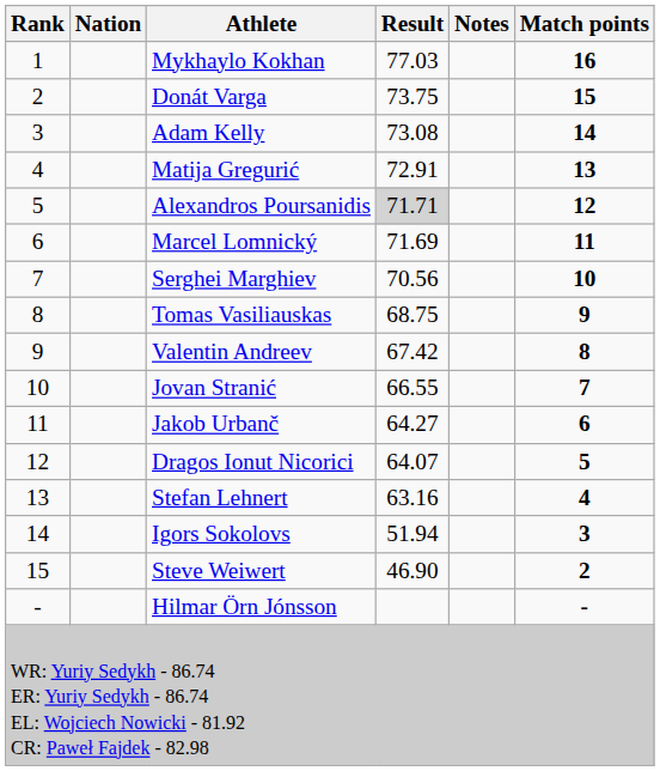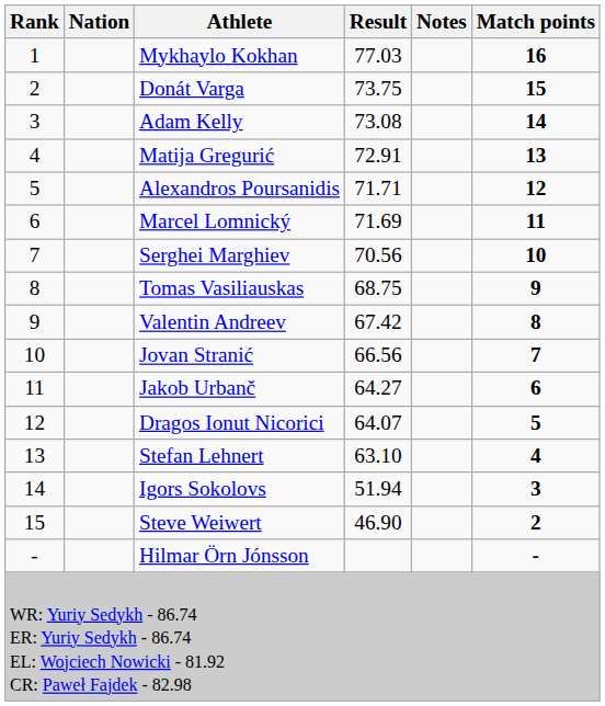 <table class="wikitable sortable" style="text-align:left;">
 <tr>
 <th>Rank</th>
 <th>Nation</th>
 <th>Athlete</th>
 <th>Result</th>
 <th>Notes</th>
 <th>Match points</th>
 </tr>
 <tr>
 <td align=center>1</td>
 <td></td>
 <td><a href='#'>Mykhaylo Kokhan</a></td>
 <td align=center>77.03</td>
 <td align=center></td>
 <td align=center><strong>16</strong></td>
 </tr>
 <tr>
 <td align=center>2</td>
 <td></td>
 <td><a href='#'>Donát Varga</a></td>
 <td align=center>73.75</td>
 <td></td>
 <td align=center><strong>15</strong></td>
 </tr>
 <tr>
 <td align=center>3</td>
 <td></td>
 <td><a href='#'>Adam Kelly</a></td>
 <td align=center>73.08</td>
 <td align=center></td>
 <td align=center><strong>14</strong></td>
 </tr>
 <tr>
 <td align=center>4</td>
 <td></td>
 <td><a href='#'>Matija Gregurić</a></td>
 <td align=center>72.91</td>
 <td></td>
 <td align=center><strong>13</strong></td>
 </tr>
 <tr>
 <td align=center>5</td>
 <td></td>
 <td><a href='#'>Alexandros Poursanidis</a></td>
-<td align=center style="background: lightgrey;">71.71</td>
+<td align=center>71.71</td>
 <td></td>
 <td align=center><strong>12</strong></td>
 </tr>
 <tr>
 <td align=center>6</td>
 <td></td>
 <td><a href='#'>Marcel Lomnický</a></td>
 <td align=center>71.69</td>
 <td></td>
 <td align=center><strong>11</strong></td>
 </tr>
 <tr>
 <td align=center>7</td>
 <td></td>
 <td><a href='#'>Serghei Marghiev</a></td>
 <td align=center>70.56</td>
 <td></td>
 <td align=center><strong>10</strong></td>
 </tr>
 <tr>
 <td align=center>8</td>
 <td></td>
 <td><a href='#'>Tomas Vasiliauskas</a></td>
 <td align=center>68.75</td>
 <td></td>
 <td align=center><strong>9</strong></td>
 </tr>
 <tr>
 <td align=center>9</td>
 <td></td>
 <td><a href='#'>Valentin Andreev</a></td>
 <td align=center>67.42</td>
 <td></td>
 <td align=center><strong>8</strong></td>
 </tr>
 <tr>
 <td align=center>10</td>
 <td></td>
 <td><a href='#'>Jovan Stranić</a></td>
-<td align=center>66.55</td>
+<td align=center>66.56</td>
 <td></td>
 <td align=center><strong>7</strong></td>
 </tr>
 <tr>
 <td align=center>11</td>
 <td></td>
 <td><a href='#'>Jakob Urbanč</a></td>
 <td align=center>64.27</td>
 <td></td>
 <td align=center><strong>6</strong></td>
 </tr>
 <tr>
 <td align=center>12</td>
 <td></td>
 <td><a href='#'>Dragos Ionut Nicorici</a></td>
 <td align=center>64.07</td>
 <td></td>
 <td align=center><strong>5</strong></td>
 </tr>
 <tr>
 <td align=center>13</td>
 <td></td>
 <td><a href='#'>Stefan Lehnert</a></td>
-<td align=center>63.16</td>
+<td align=center>63.10</td>
 <td></td>
 <td align=center><strong>4</strong></td>
 </tr>
 <tr>
 <td align=center>14</td>
 <td></td>
 <td><a href='#'>Igors Sokolovs</a></td>
 <td align=center>51.94</td>
 <td></td>
 <td align=center><strong>3</strong></td>
 </tr>
 <tr>
 <td align=center>15</td>
 <td></td>
 <td><a href='#'>Steve Weiwert</a></td>
 <td align=center>46.90</td>
 <td align=center></td>
 <td align=center><strong>2</strong></td>
 </tr>
 <tr>
 <td align=center>-</td>
 <td></td>
 <td><a href='#'>Hilmar Örn Jónsson</a></td>
 <td align=center></td>
 <td></td>
 <td align=center><strong>-</strong></td>
 </tr>
 <tr>
 <td colspan="6" bgcolor="#cccccc"><br> <small>WR:   <a href='#'>Yuriy Sedykh</a> - 86.74<br>ER:  <a href='#'>Yuriy Sedykh</a> - 86.74<br></small> <small>EL:  <a href='#'>Wojciech Nowicki</a> - 81.92<br>CR:  <a href='#'>Paweł Fajdek</a> - 82.98</small></td>
 </tr>
 </table>
